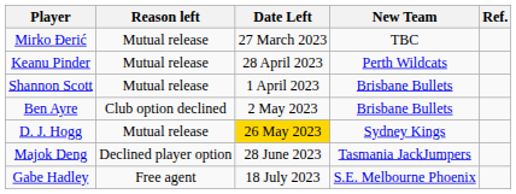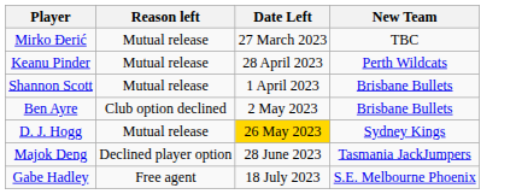 <table class="wikitable sortable sortable" style="text-align: center">
 <tr>
 <th>Player</th>
 <th>Reason left</th>
 <th>Date Left</th>
 <th>New Team</th>
-<th>Ref.</th>
 </tr>
 <tr>
 <td><a href='#'>Mirko Đerić</a></td>
 <td>Mutual release</td>
 <td>27 March 2023</td>
 <td>TBC</td>
-<td></td>
 </tr>
 <tr>
 <td><a href='#'>Keanu Pinder</a></td>
 <td>Mutual release</td>
 <td>28 April 2023</td>
 <td><a href='#'>Perth Wildcats</a></td>
-<td></td>
 </tr>
 <tr>
 <td><a href='#'>Shannon Scott</a></td>
 <td>Mutual release</td>
 <td>1 April 2023</td>
 <td><a href='#'>Brisbane Bullets</a></td>
-<td></td>
 </tr>
 <tr>
 <td><a href='#'>Ben Ayre</a></td>
 <td>Club option declined</td>
 <td>2 May 2023</td>
 <td><a href='#'>Brisbane Bullets</a></td>
-<td></td>
 </tr>
 <tr>
 <td><a href='#'>D. J. Hogg</a></td>
 <td>Mutual release</td>
 <td style="background: gold;">26 May 2023</td>
 <td><a href='#'>Sydney Kings</a></td>
-<td></td>
 </tr>
 <tr>
 <td><a href='#'>Majok Deng</a></td>
 <td>Declined player option</td>
 <td>28 June 2023</td>
 <td><a href='#'>Tasmania JackJumpers</a></td>
-<td></td>
 </tr>
 <tr>
 <td><a href='#'>Gabe Hadley</a></td>
 <td>Free agent</td>
 <td>18 July 2023</td>
 <td><a href='#'>S.E. Melbourne Phoenix</a></td>
-<td></td>
 </tr>
 </table>
